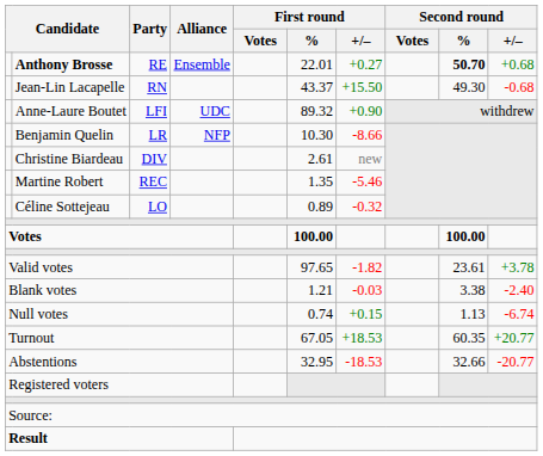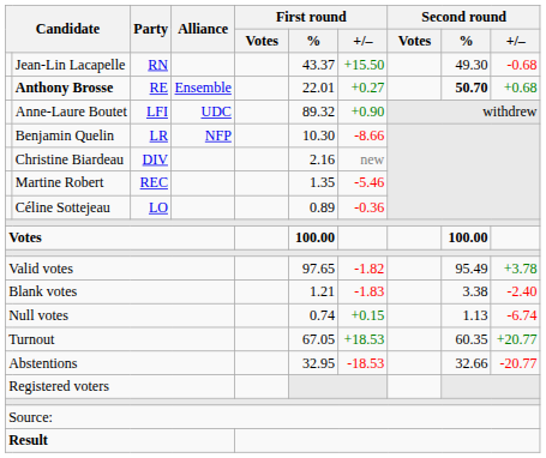 <table class="wikitable" style="text-align:right;font-size:95%;">
 <tr>
 <th rowspan="2" colspan="2">Candidate</th>
 <th colspan="1" rowspan="2">Party</th>
 <th colspan="1" rowspan="2">Alliance</th>
 <th colspan="3">First round</th>
 <th colspan="3">Second round</th>
 </tr>
 <tr>
 <th style="width:50px;">Votes</th>
 <th style="width:45px;">%</th>
 <th style="width:45px;">+/–</th>
 <th style="width:50px;">Votes</th>
 <th style="width:45px;">%</th>
 <th style="width:45px;">+/–</th>
 </tr>
 <tr>
 <td style="color:inherit;background:"></td>
+<td style="text-align:left;">Jean-Lin Lacapelle</td>
+<td><a href='#'>RN</a></td>
+<td></td>
+<td></td>
+<td>43.37</td>
+<td style="color:green;">+15.50</td>
+<td></td>
+<td>49.30</td>
+<td style="color:red;">-0.68</td>
+</tr>
+<tr>
+<td style="color:inherit;background:"></td>
 <td style="text-align:left;"><strong>Anthony Brosse</strong></td>
 <td><a href='#'>RE</a></td>
 <td><a href='#'>Ensemble</a></td>
 <td></td>
 <td>22.01</td>
 <td style="color:green;">+0.27</td>
 <td><strong></strong></td>
 <td><strong>50.70</strong></td>
 <td style="color:green;">+0.68</td>
-</tr>
-<tr>
-<td style="color:inherit;background:"></td>
-<td style="text-align:left;">Jean-Lin Lacapelle</td>
-<td><a href='#'>RN</a></td>
-<td></td>
-<td></td>
-<td>43.37</td>
-<td style="color:green;">+15.50</td>
-<td></td>
-<td>49.30</td>
-<td style="color:red;">-0.68</td>
 </tr>
 <tr>
 <td style="color:inherit;background:"></td>
 <td style="text-align:left;">Anne-Laure Boutet</td>
 <td><a href='#'>LFI</a></td>
 <td><a href='#'>UDC</a></td>
 <td></td>
 <td>89.32</td>
 <td style="color:green;">+0.90</td>
 <td colspan="3" style="background:#E9E9E9;">withdrew</td>
 </tr>
 <tr>
 <td style="color:inherit;background:"></td>
 <td style="text-align:left;">Benjamin Quelin</td>
 <td><a href='#'>LR</a></td>
 <td><a href='#'>NFP</a></td>
 <td></td>
 <td>10.30</td>
 <td style="color:red;">-8.66</td>
 <td colspan="3" rowspan="4" style="background:#E9E9E9;"></td>
 </tr>
 <tr>
 <td style="color:inherit;background:"></td>
 <td style="text-align:left;">Christine Biardeau</td>
 <td><a href='#'>DIV</a></td>
 <td></td>
 <td></td>
-<td>2.61</td>
+<td>2.16</td>
 <td style="color:grey;">new</td>
 </tr>
 <tr>
 <td style="color:inherit;background:"></td>
 <td style="text-align:left;">Martine Robert</td>
 <td><a href='#'>REC</a></td>
 <td></td>
 <td></td>
 <td>1.35</td>
 <td style="color:red;">-5.46</td>
 </tr>
 <tr>
 <td style="color:inherit;background:"></td>
 <td style="text-align:left;">Céline Sottejeau</td>
 <td><a href='#'>LO</a></td>
 <td></td>
 <td></td>
 <td>0.89</td>
-<td style="color:red;">-0.32</td>
+<td style="color:red;">-0.36</td>
 </tr>
 <tr>
 <td colspan="10" style="background:#E9E9E9;"></td>
 </tr>
 <tr style="font-weight:bold;">
 <td colspan="4" style="text-align:left;">Votes</td>
 <td></td>
 <td>100.00</td>
 <td></td>
 <td></td>
 <td>100.00</td>
 <td></td>
 </tr>
 <tr>
 <td colspan="10" style="background:#E9E9E9;"></td>
 </tr>
 <tr>
 <td colspan="4" style="text-align:left;">Valid votes</td>
 <td></td>
 <td>97.65</td>
 <td style="color:red;">-1.82</td>
 <td></td>
-<td>23.61</td>
+<td>95.49</td>
 <td style="color:green;">+3.78</td>
 </tr>
 <tr>
 <td colspan="4" style="text-align:left;">Blank votes</td>
 <td></td>
 <td>1.21</td>
-<td style="color:red;">-0.03</td>
+<td style="color:red;">-1.83</td>
 <td></td>
 <td>3.38</td>
 <td style="color:red;">-2.40</td>
 </tr>
 <tr>
 <td colspan="4" style="text-align:left;">Null votes</td>
 <td></td>
 <td>0.74</td>
 <td style="color:green;">+0.15</td>
 <td></td>
 <td>1.13</td>
 <td style="color:red;">-6.74</td>
 </tr>
 <tr>
 <td colspan="4" style="text-align:left;">Turnout</td>
 <td></td>
 <td>67.05</td>
 <td style="color:green;">+18.53</td>
 <td></td>
 <td>60.35</td>
 <td style="color:green;">+20.77</td>
 </tr>
 <tr>
 <td colspan="4" style="text-align:left;">Abstentions</td>
 <td></td>
 <td>32.95</td>
 <td style="color:red;">-18.53</td>
 <td></td>
 <td>32.66</td>
 <td style="color:red;">-20.77</td>
 </tr>
 <tr>
 <td colspan="4" style="text-align:left;">Registered voters</td>
 <td></td>
 <td colspan="2" style="background:#E9E9E9;"></td>
 <td></td>
 <td colspan="2" style="background:#E9E9E9;"></td>
 </tr>
 <tr>
 <td colspan="10" style="background:#E9E9E9;"></td>
 </tr>
 <tr>
 <td colspan="10" style="text-align:left;">Source: </td>
 </tr>
 <tr style="font-weight:bold">
 <td colspan="4" style="text-align:left;">Result</td>
 <td colspan="6" style="background-color:"></td>
 </tr>
 </table>
